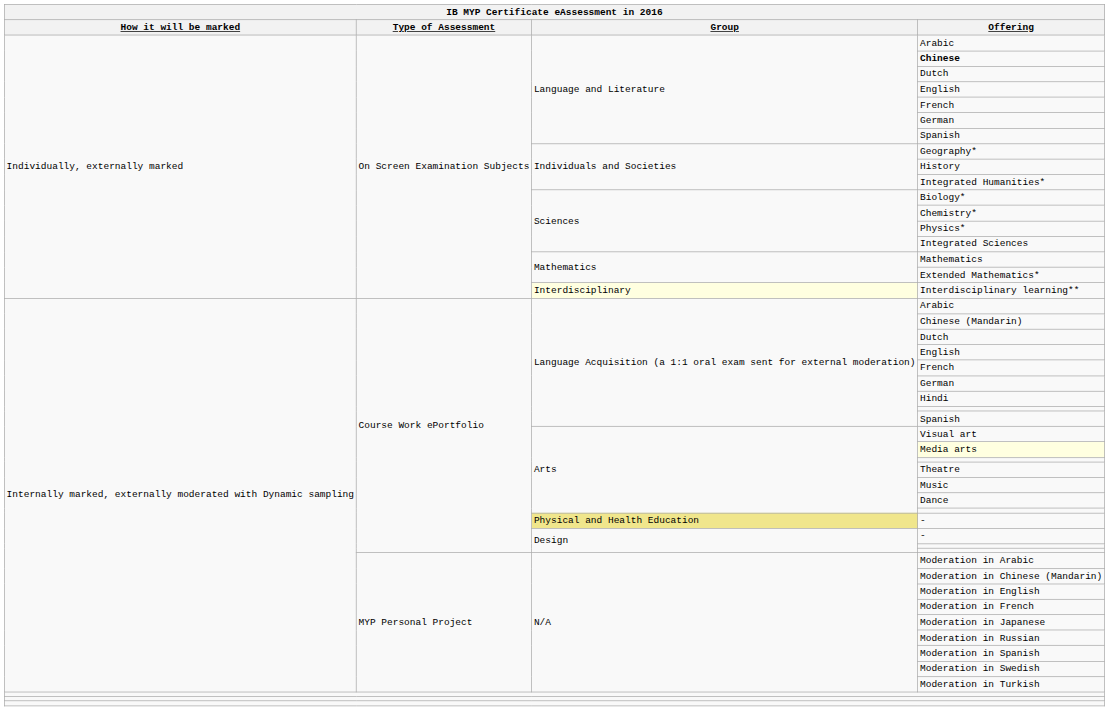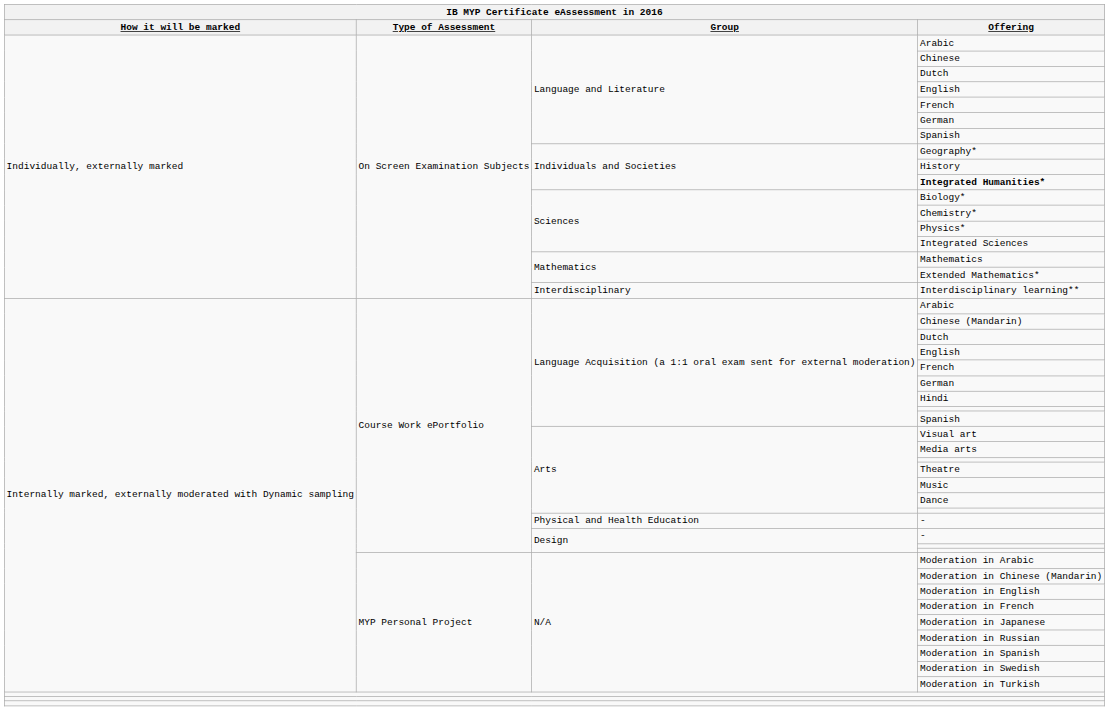 <table class= "wikitable mw-collapsible mw-collapsed">
 <tr>
 <th colspan="4">IB MYP Certificate eAssessment in 2016</th>
 </tr>
 <tr>
 <th><strong><u>How it will be marked</u></strong></th>
 <th><u>Type of Assessment</u></th>
 <th><strong><u>Group</u></strong></th>
 <th><strong><u>Offering</u></strong></th>
 </tr>
 <tr>
 <td rowspan="17">Individually, externally marked</td>
 <td rowspan="17">On Screen Examination Subjects</td>
 <td rowspan="7">Language and Literature</td>
 <td>Arabic</td>
 </tr>
 <tr>
-<td><strong>Chinese</strong></td>
+<td>Chinese</td>
 </tr>
 <tr>
 <td>Dutch</td>
 </tr>
 <tr>
 <td>English</td>
 </tr>
 <tr>
 <td>French</td>
 </tr>
 <tr>
 <td>German</td>
 </tr>
 <tr>
 <td>Spanish</td>
 </tr>
 <tr>
 <td rowspan="3">Individuals and Societies</td>
 <td>Geography*</td>
 </tr>
 <tr>
 <td>History</td>
 </tr>
 <tr>
-<td>Integrated Humanities*</td>
+<td><strong>Integrated Humanities*</strong></td>
 </tr>
 <tr>
 <td rowspan="4">Sciences</td>
 <td>Biology*</td>
 </tr>
 <tr>
 <td>Chemistry*</td>
 </tr>
 <tr>
 <td>Physics*</td>
 </tr>
 <tr>
 <td>Integrated Sciences</td>
 </tr>
 <tr>
 <td rowspan="2">Mathematics</td>
 <td>Mathematics</td>
 </tr>
 <tr>
 <td>Extended Mathematics*</td>
 </tr>
 <tr>
-<td style="background: lightyellow;">Interdisciplinary</td>
+<td>Interdisciplinary</td>
 <td>Interdisciplinary learning**</td>
 </tr>
 <tr>
 <td rowspan="29">Internally marked, externally moderated with Dynamic sampling</td>
 <td rowspan="20">Course Work ePortfolio</td>
 <td rowspan="9">Language Acquisition (a 1:1 oral exam sent for external moderation)</td>
 <td>Arabic</td>
 </tr>
 <tr>
 <td>Chinese (Mandarin)</td>
 </tr>
 <tr>
 <td>Dutch</td>
 </tr>
 <tr>
 <td>English</td>
 </tr>
 <tr>
 <td>French</td>
 </tr>
 <tr>
 <td>German</td>
 </tr>
 <tr>
 <td>Hindi</td>
 </tr>
 <tr>
 <td></td>
 </tr>
 <tr>
 <td>Spanish</td>
 </tr>
 <tr>
 <td rowspan="7">Arts</td>
 <td>Visual art</td>
 </tr>
 <tr>
-<td style="background: lightyellow;">Media arts</td>
+<td>Media arts</td>
 </tr>
 <tr>
 <td></td>
 </tr>
 <tr>
 <td>Theatre</td>
 </tr>
 <tr>
 <td>Music</td>
 </tr>
 <tr>
 <td>Dance</td>
 </tr>
 <tr>
 <td></td>
 </tr>
 <tr>
-<td style="background: khaki;">Physical and Health Education</td>
+<td>Physical and Health Education</td>
 <td>-</td>
 </tr>
 <tr>
 <td rowspan="3">Design</td>
 <td>-</td>
 </tr>
 <tr>
 <td></td>
 </tr>
 <tr>
 <td></td>
 </tr>
 <tr>
 <td rowspan="9">MYP Personal Project</td>
 <td rowspan="9">N/A</td>
 <td>Moderation in Arabic</td>
 </tr>
 <tr>
 <td>Moderation in Chinese (Mandarin)</td>
 </tr>
 <tr>
 <td>Moderation in English</td>
 </tr>
 <tr>
 <td>Moderation in French</td>
 </tr>
 <tr>
 <td>Moderation in Japanese</td>
 </tr>
 <tr>
 <td>Moderation in Russian</td>
 </tr>
 <tr>
 <td>Moderation in Spanish</td>
 </tr>
 <tr>
 <td>Moderation in Swedish</td>
 </tr>
 <tr>
 <td>Moderation in Turkish</td>
 </tr>
 <tr>
 <td colspan=4></td>
 </tr>
 <tr>
 <td colspan=4></td>
 </tr>
 <tr>
 <td colspan=4></td>
 </tr>
 </table>
